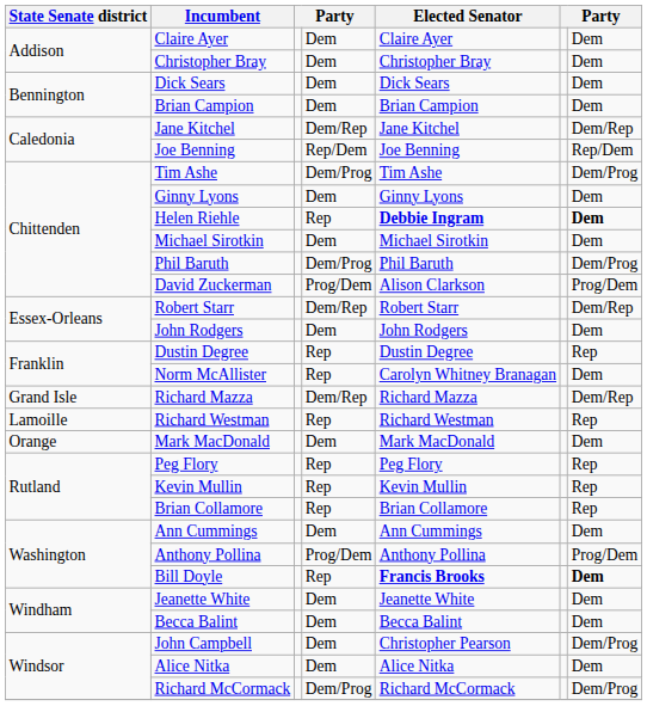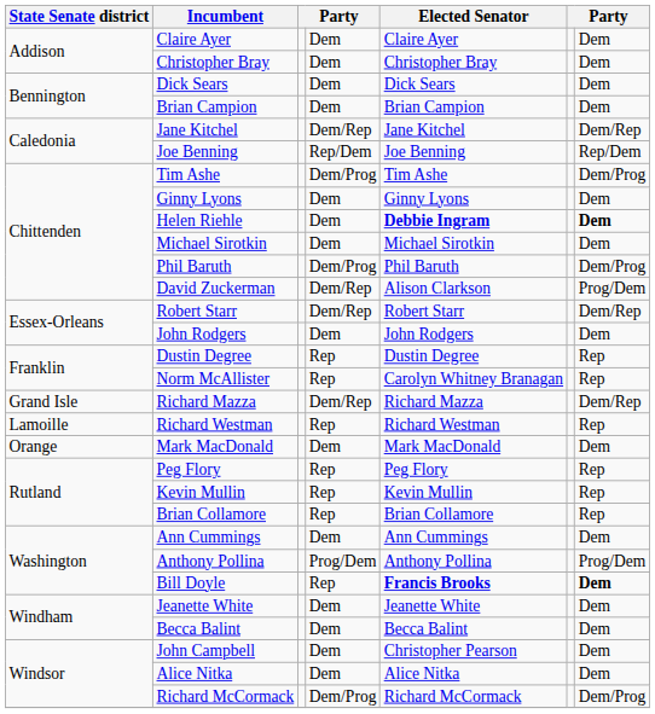 <table class="sortable wikitable" style="font-size:95%;line-height:14px;">
 <tr>
 <th colspan="1" class="unsortable"><a href='#'>State Senate</a> district</th>
 <th class="unsortable"><a href='#'>Incumbent</a></th>
 <th colspan="2">Party</th>
 <th class="unsortable">Elected Senator</th>
 <th colspan="2">Party</th>
 </tr>
 <tr>
 <td rowspan="2">Addison</td>
 <td><a href='#'>Claire Ayer</a></td>
 <td style="background:"></td>
 <td>Dem</td>
 <td><a href='#'>Claire Ayer</a></td>
 <td style="background:"></td>
 <td>Dem</td>
 </tr>
 <tr>
 <td><a href='#'>Christopher Bray</a></td>
 <td style="background:"></td>
 <td>Dem</td>
 <td><a href='#'>Christopher Bray</a></td>
 <td style="background:"></td>
 <td>Dem</td>
 </tr>
 <tr>
 <td rowspan="2">Bennington</td>
 <td><a href='#'>Dick Sears</a></td>
 <td style="background:"></td>
 <td>Dem</td>
 <td><a href='#'>Dick Sears</a></td>
 <td style="background:"></td>
 <td>Dem</td>
 </tr>
 <tr>
 <td><a href='#'>Brian Campion</a></td>
 <td style="background:"></td>
 <td>Dem</td>
 <td><a href='#'>Brian Campion</a></td>
 <td style="background:"></td>
 <td>Dem</td>
 </tr>
 <tr>
 <td rowspan="2">Caledonia</td>
 <td><a href='#'>Jane Kitchel</a></td>
 <td style="background:"></td>
 <td>Dem/Rep</td>
 <td><a href='#'>Jane Kitchel</a></td>
 <td style="background:"></td>
 <td>Dem/Rep</td>
 </tr>
 <tr>
 <td><a href='#'>Joe Benning</a></td>
 <td style="background:"></td>
 <td>Rep/Dem</td>
 <td><a href='#'>Joe Benning</a></td>
 <td style="background:"></td>
 <td>Rep/Dem</td>
 </tr>
 <tr>
 <td rowspan="6">Chittenden</td>
 <td><a href='#'>Tim Ashe</a></td>
 <td style="background:"></td>
 <td>Dem/Prog</td>
 <td><a href='#'>Tim Ashe</a></td>
 <td style="background:"></td>
 <td>Dem/Prog</td>
 </tr>
 <tr>
 <td><a href='#'>Ginny Lyons</a></td>
 <td style="background:"></td>
 <td>Dem</td>
 <td><a href='#'>Ginny Lyons</a></td>
 <td style="background:"></td>
 <td>Dem</td>
 </tr>
 <tr>
 <td><a href='#'>Helen Riehle</a></td>
 <td style="background:"></td>
-<td>Rep</td>
+<td>Dem</td>
 <td><strong><a href='#'>Debbie Ingram</a></strong></td>
 <td style="background:"></td>
 <td><strong>Dem</strong></td>
 </tr>
 <tr>
 <td><a href='#'>Michael Sirotkin</a></td>
 <td style="background:"></td>
 <td>Dem</td>
 <td><a href='#'>Michael Sirotkin</a></td>
 <td style="background:"></td>
 <td>Dem</td>
 </tr>
 <tr>
 <td><a href='#'>Phil Baruth</a></td>
 <td style="background:"></td>
 <td>Dem/Prog</td>
 <td><a href='#'>Phil Baruth</a></td>
 <td style="background:"></td>
 <td>Dem/Prog</td>
 </tr>
 <tr>
 <td><a href='#'>David Zuckerman</a></td>
 <td style="background:"></td>
-<td>Prog/Dem</td>
+<td>Dem/Rep</td>
 <td><a href='#'>Alison Clarkson</a></td>
 <td style="background:"></td>
 <td>Prog/Dem</td>
 </tr>
 <tr>
 <td rowspan="2">Essex-Orleans</td>
 <td><a href='#'>Robert Starr</a></td>
 <td style="background:"></td>
 <td>Dem/Rep</td>
 <td><a href='#'>Robert Starr</a></td>
 <td style="background:"></td>
 <td>Dem/Rep</td>
 </tr>
 <tr>
 <td><a href='#'>John Rodgers</a></td>
 <td style="background:"></td>
 <td>Dem</td>
 <td><a href='#'>John Rodgers</a></td>
 <td style="background:"></td>
 <td>Dem</td>
 </tr>
 <tr>
 <td rowspan="2">Franklin</td>
 <td><a href='#'>Dustin Degree</a></td>
 <td style="background:"></td>
 <td>Rep</td>
 <td><a href='#'>Dustin Degree</a></td>
 <td style="background:"></td>
 <td>Rep</td>
 </tr>
 <tr>
 <td><a href='#'>Norm McAllister</a></td>
 <td style="background:"></td>
 <td>Rep</td>
 <td><a href='#'>Carolyn Whitney Branagan</a></td>
 <td style="background:"></td>
-<td>Dem</td>
+<td>Rep</td>
 </tr>
 <tr>
 <td>Grand Isle</td>
 <td><a href='#'>Richard Mazza</a></td>
 <td style="background:"></td>
 <td>Dem/Rep</td>
 <td><a href='#'>Richard Mazza</a></td>
 <td style="background:"></td>
 <td>Dem/Rep</td>
 </tr>
 <tr>
 <td>Lamoille</td>
 <td><a href='#'>Richard Westman</a></td>
 <td style="background:"></td>
 <td>Rep</td>
 <td><a href='#'>Richard Westman</a></td>
 <td style="background:"></td>
 <td>Rep</td>
 </tr>
 <tr>
 <td>Orange</td>
 <td><a href='#'>Mark MacDonald</a></td>
 <td style="background:"></td>
 <td>Dem</td>
 <td><a href='#'>Mark MacDonald</a></td>
 <td style="background:"></td>
 <td>Dem</td>
 </tr>
 <tr>
 <td rowspan="3">Rutland</td>
 <td><a href='#'>Peg Flory</a></td>
 <td style="background:"></td>
 <td>Rep</td>
 <td><a href='#'>Peg Flory</a></td>
 <td style="background:"></td>
 <td>Rep</td>
 </tr>
 <tr>
 <td><a href='#'>Kevin Mullin</a></td>
 <td style="background:"></td>
 <td>Rep</td>
 <td><a href='#'>Kevin Mullin</a></td>
 <td style="background:"></td>
 <td>Rep</td>
 </tr>
 <tr>
 <td><a href='#'>Brian Collamore</a></td>
 <td style="background:"></td>
 <td>Rep</td>
 <td><a href='#'>Brian Collamore</a></td>
 <td style="background:"></td>
 <td>Rep</td>
 </tr>
 <tr>
 <td rowspan="3">Washington</td>
 <td><a href='#'>Ann Cummings</a></td>
 <td style="background:"></td>
 <td>Dem</td>
 <td><a href='#'>Ann Cummings</a></td>
 <td style="background:"></td>
 <td>Dem</td>
 </tr>
 <tr>
 <td><a href='#'>Anthony Pollina</a></td>
 <td style="background:"></td>
 <td>Prog/Dem</td>
 <td><a href='#'>Anthony Pollina</a></td>
 <td style="background:"></td>
 <td>Prog/Dem</td>
 </tr>
 <tr>
 <td><a href='#'>Bill Doyle</a></td>
 <td style="background:"></td>
 <td>Rep</td>
 <td><strong><a href='#'>Francis Brooks</a></strong></td>
 <td style="background:"></td>
 <td><strong>Dem</strong></td>
 </tr>
 <tr>
 <td rowspan="2">Windham</td>
 <td><a href='#'>Jeanette White</a></td>
 <td style="background:"></td>
 <td>Dem</td>
 <td><a href='#'>Jeanette White</a></td>
 <td style="background:"></td>
 <td>Dem</td>
 </tr>
 <tr>
 <td><a href='#'>Becca Balint</a></td>
 <td style="background:"></td>
 <td>Dem</td>
 <td><a href='#'>Becca Balint</a></td>
 <td style="background:"></td>
 <td>Dem</td>
 </tr>
 <tr>
 <td rowspan="3">Windsor</td>
 <td><a href='#'>John Campbell</a></td>
 <td style="background:"></td>
 <td>Dem</td>
 <td><a href='#'>Christopher Pearson</a></td>
 <td style="background:"></td>
-<td>Dem/Prog</td>
+<td>Dem</td>
 </tr>
 <tr>
 <td><a href='#'>Alice Nitka</a></td>
 <td style="background:"></td>
 <td>Dem</td>
 <td><a href='#'>Alice Nitka</a></td>
 <td style="background:"></td>
 <td>Dem</td>
 </tr>
 <tr>
 <td><a href='#'>Richard McCormack</a></td>
 <td style="background:"></td>
 <td>Dem/Prog</td>
 <td><a href='#'>Richard McCormack</a></td>
 <td style="background:"></td>
 <td>Dem/Prog</td>
 </tr>
 <tr>
 </tr>
 </table>
